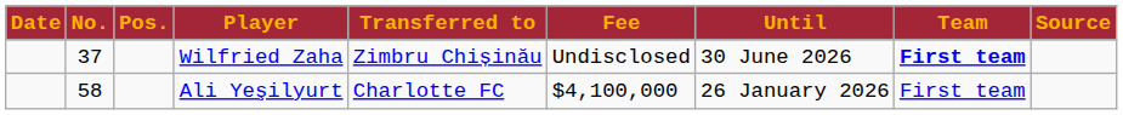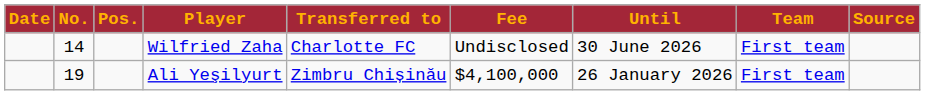 <table class="wikitable plainrowheaders sortable">
 <tr>
 <th style="background:#A32638; color:#FFB300; ">Date</th>
 <th style="background:#A32638; color:#FFB300; ">No.</th>
 <th style="background:#A32638; color:#FFB300; ">Pos.</th>
 <th style="background:#A32638; color:#FFB300; ">Player</th>
 <th style="background:#A32638; color:#FFB300; ">Transferred to</th>
 <th style="background:#A32638; color:#FFB300; ">Fee</th>
 <th style="background:#A32638; color:#FFB300; ">Until</th>
 <th style="background:#A32638; color:#FFB300; ">Team</th>
 <th style="background:#A32638; color:#FFB300; ">Source</th>
 </tr>
 <tr>
 <td></td>
-<td align=center>37</td>
+<td align=center>14</td>
 <td align=center></td>
 <td>  <a href='#'>Wilfried Zaha</a></td>
-<td> <a href='#'>Zimbru Chișinău</a></td>
+<td> <a href='#'>Charlotte FC</a></td>
 <td>Undisclosed</td>
 <td>30 June 2026</td>
-<td><strong><a href='#'>First team</a></strong></td>
+<td><a href='#'>First team</a></td>
 <td align=center></td>
 </tr>
 <tr>
 <td></td>
-<td align=center>58</td>
+<td align=center>19</td>
 <td align=center></td>
 <td> <a href='#'>Ali Yeşilyurt</a></td>
-<td> <a href='#'>Charlotte FC</a></td>
+<td> <a href='#'>Zimbru Chișinău</a></td>
 <td>$4,100,000</td>
 <td>26 January 2026</td>
 <td><a href='#'>First team</a></td>
 <td align=center></td>
 </tr>
 </table>
